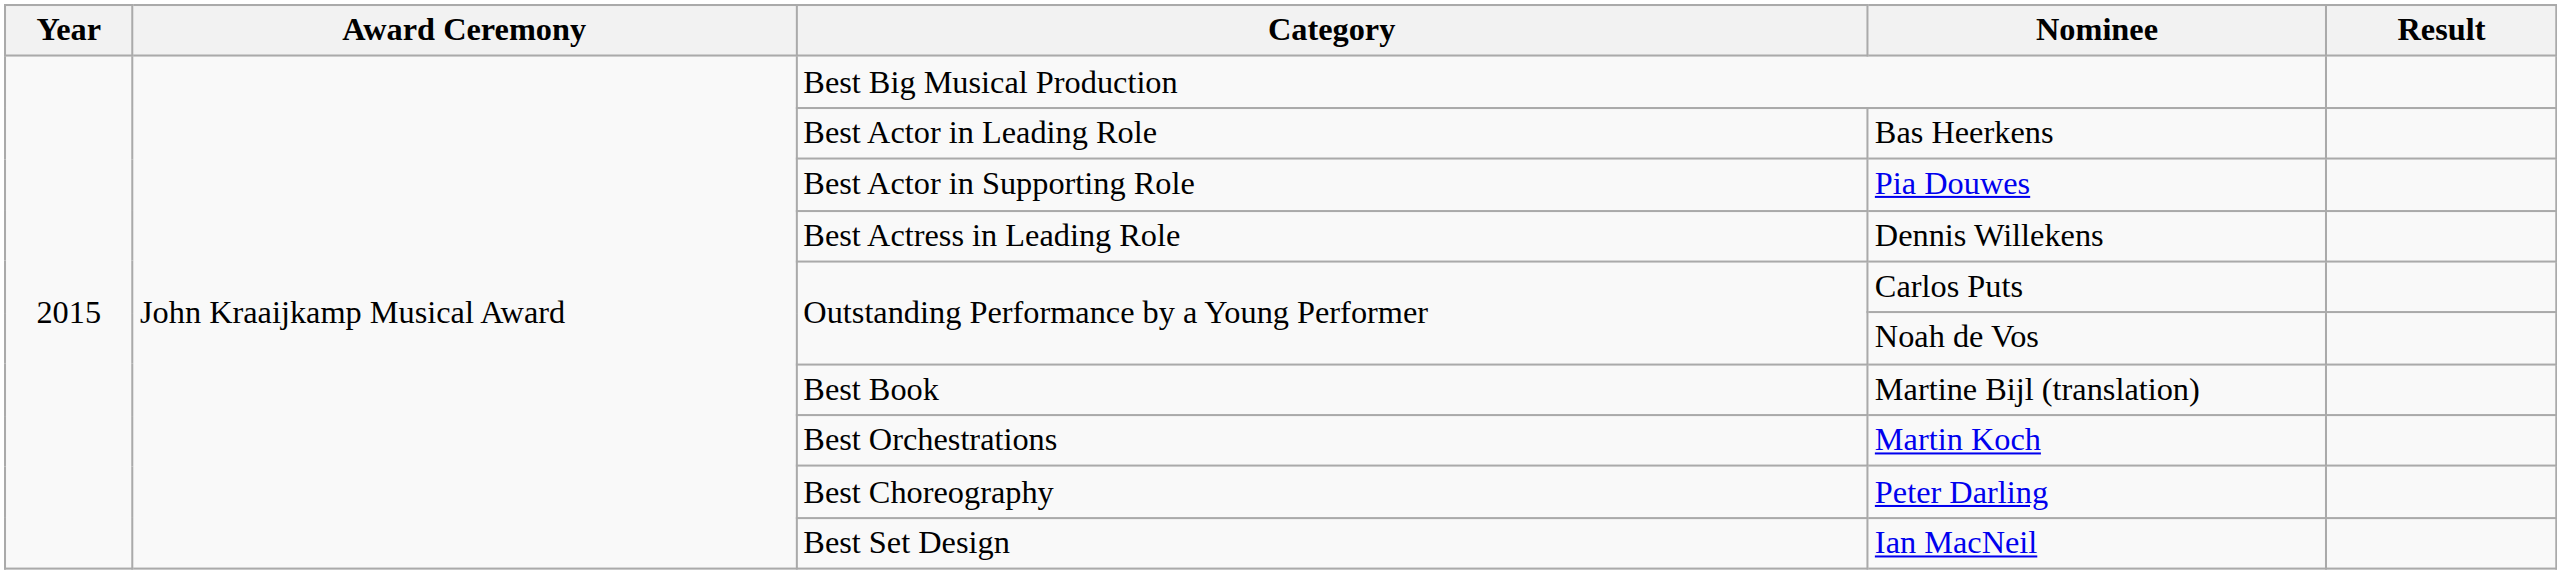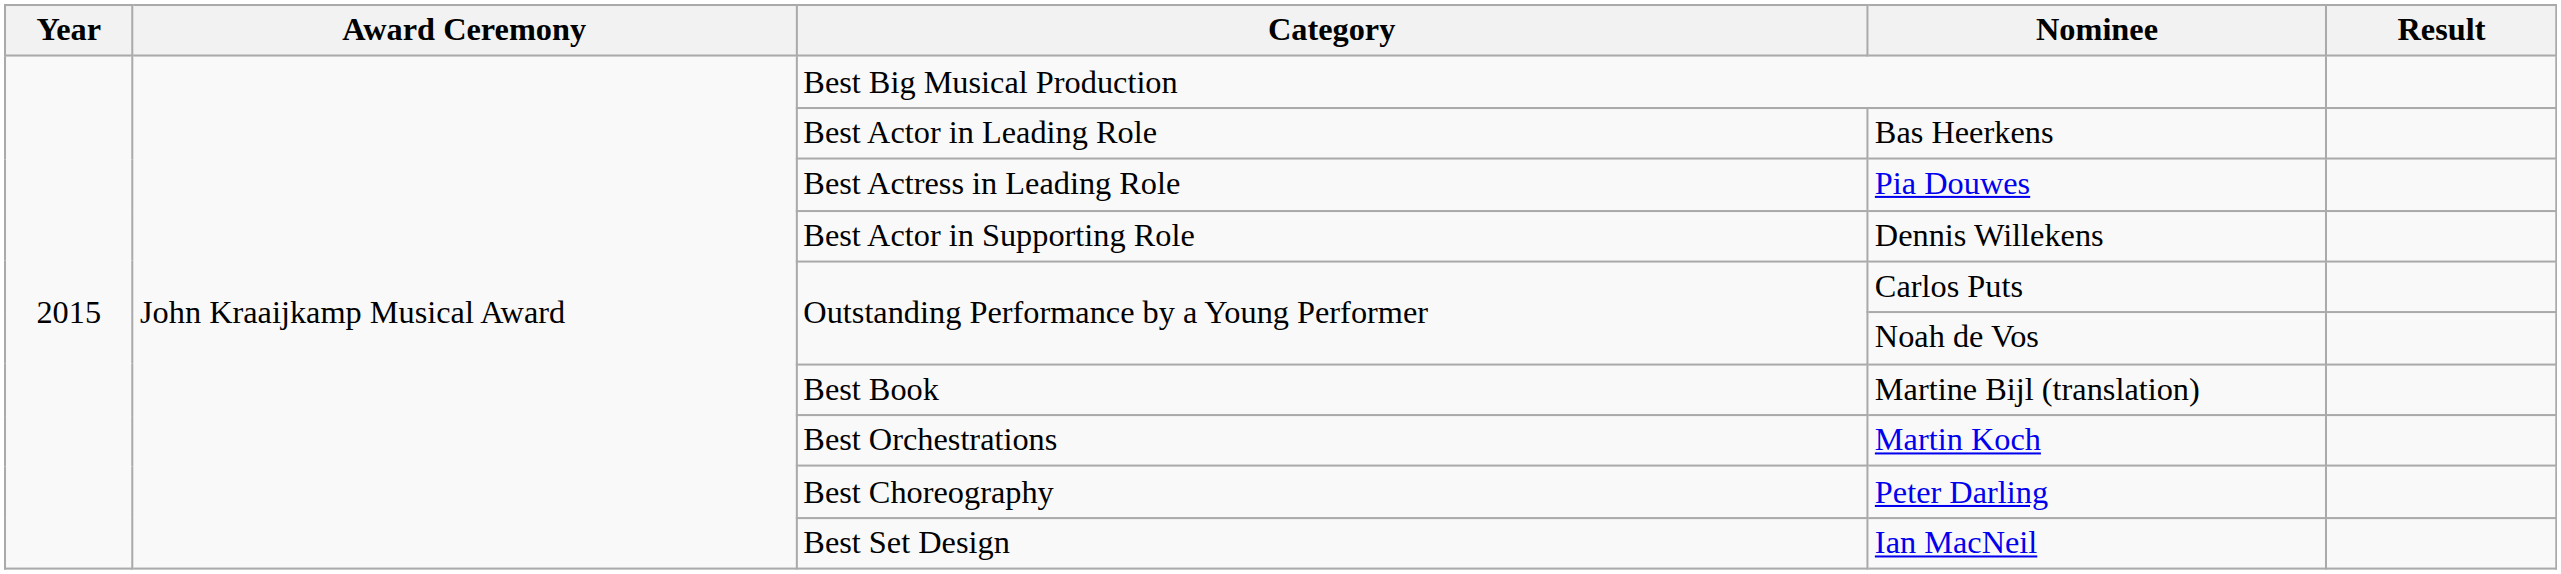 <table class="wikitable" width="100%">
 <tr>
 <th width="5%">Year</th>
 <th width="26%">Award Ceremony</th>
 <th width="42%">Category</th>
 <th width="18%">Nominee</th>
 <th width="9%">Result</th>
 </tr>
 <tr>
 <td rowspan="10" align="center">2015</td>
 <td rowspan="10">John Kraaijkamp Musical Award</td>
 <td colspan="2">Best Big Musical Production</td>
 <td></td>
 </tr>
 <tr>
 <td>Best Actor in Leading Role</td>
 <td>Bas Heerkens</td>
 <td></td>
 </tr>
 <tr>
-<td>Best Actor in Supporting Role</td>
+<td>Best Actress in Leading Role</td>
 <td><a href='#'>Pia Douwes</a></td>
 <td></td>
 </tr>
 <tr>
-<td>Best Actress in Leading Role</td>
+<td>Best Actor in Supporting Role</td>
 <td>Dennis Willekens</td>
 <td></td>
 </tr>
 <tr>
 <td rowspan="2">Outstanding Performance by a Young Performer</td>
 <td>Carlos Puts</td>
 <td></td>
 </tr>
 <tr>
 <td>Noah de Vos</td>
 <td></td>
 </tr>
 <tr>
 <td>Best Book</td>
 <td>Martine Bijl (translation)</td>
 <td></td>
 </tr>
 <tr>
 <td>Best Orchestrations</td>
 <td><a href='#'>Martin Koch</a></td>
 <td></td>
 </tr>
 <tr>
 <td>Best Choreography</td>
 <td><a href='#'>Peter Darling</a></td>
 <td></td>
 </tr>
 <tr>
 <td>Best Set Design</td>
 <td><a href='#'>Ian MacNeil</a></td>
 <td></td>
 </tr>
 </table>
